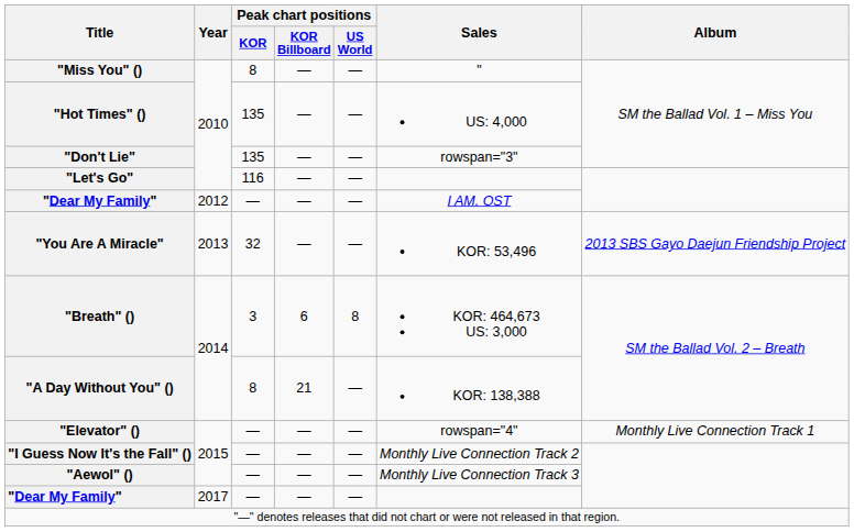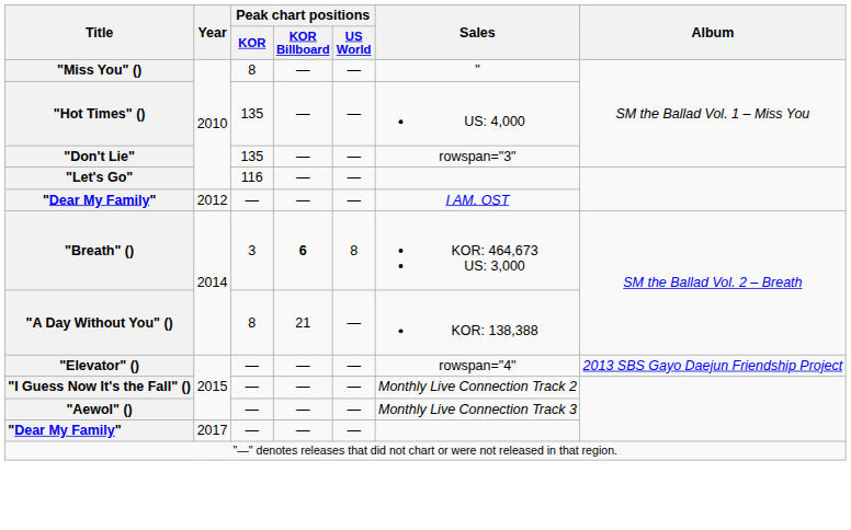 <table class="wikitable plainrowheaders" style="text-align:center;">
 <tr>
 <th scope="col" rowspan="2">Title</th>
 <th scope="col" rowspan="2">Year</th>
 <th scope="col" colspan="3">Peak chart positions</th>
 <th scope="col" rowspan="2">Sales</th>
 <th scope="col" rowspan="2">Album</th>
 </tr>
 <tr>
 <th scope="col" style="width:3em;font-size:90%;"><a href='#'>KOR</a><br></th>
 <th scope="col" style="width:3em;font-size:90%;"><a href='#'>KOR<br>Billboard</a><br></th>
 <th scope="col" style="width:3em;font-size:90%;"><a href='#'>US<br>World</a><br></th>
 </tr>
 <tr>
 <th scope="row">"Miss You" ()<br></th>
 <td rowspan="4">2010</td>
 <td>8</td>
 <td>—</td>
 <td>—</td>
 <td>" </td>
 <td rowspan="3"><em>SM the Ballad Vol. 1 – Miss You</em></td>
 </tr>
 <tr>
 <th scope="row">"Hot Times" ()<br></th>
 <td>135</td>
 <td>—</td>
 <td>—</td>
 <td><br><ul><li>US: 4,000</li></ul></td>
 </tr>
 <tr>
 <th scope="row">"Don't Lie"<br></th>
 <td>135</td>
 <td>—</td>
 <td>—</td>
 <td>rowspan="3" </td>
 </tr>
 <tr>
 <th scope="row">"Let's Go"<br></th>
 <td>116</td>
 <td>—</td>
 <td>—</td>
 <td></td>
 </tr>
 <tr>
 <th scope="row">"<a href='#'>Dear My Family</a>"<br></th>
 <td>2012</td>
 <td>—</td>
 <td>—</td>
 <td>—</td>
 <td><em><a href='#'>I AM. OST</a></em></td>
 </tr>
 <tr>
-<th scope=row>"You Are A Miracle"<br></th>
-<td>2013</td>
-<td>32</td>
-<td>—</td>
-<td>—</td>
-<td><br><ul><li>KOR: 53,496</li></ul></td>
-<td><em><a href='#'>2013 SBS Gayo Daejun Friendship Project</a></em></td>
-</tr>
-<tr>
 <th scope="row">"Breath" ()<br></th>
 <td rowspan="2">2014</td>
 <td>3</td>
-<td>6</td>
+<td><strong>6</strong></td>
 <td>8</td>
 <td><br><ul><li>KOR: 464,673</li><li>US: 3,000</li></ul></td>
 <td rowspan="2"><em><a href='#'>SM the Ballad Vol. 2 – Breath</a></em></td>
 </tr>
 <tr>
 <th scope="row">"A Day Without You" ()<br></th>
 <td>8</td>
 <td>21</td>
 <td>—</td>
 <td><br><ul><li>KOR: 138,388</li></ul></td>
 </tr>
 <tr>
 <th scope="row">"Elevator" ()</th>
 <td rowspan="3">2015</td>
 <td>—</td>
 <td>—</td>
 <td>—</td>
 <td>rowspan="4" </td>
-<td><em>Monthly Live Connection Track 1</em></td>
+<td><em><a href='#'>2013 SBS Gayo Daejun Friendship Project</a></em></td>
 </tr>
 <tr>
 <th scope="row">"I Guess Now It's the Fall" ()<br></th>
 <td>—</td>
 <td>—</td>
 <td>—</td>
 <td><em>Monthly Live Connection Track 2</em></td>
 </tr>
 <tr>
 <th scope="row">"Aewol" ()<br></th>
 <td>—</td>
 <td>—</td>
 <td>—</td>
 <td><em>Monthly Live Connection Track 3</em></td>
 </tr>
 <tr>
 <th scope="row" style="text-align: left;">"<a href='#'>Dear My Family</a>" <br></th>
 <td>2017</td>
 <td>—</td>
 <td>—</td>
 <td>—</td>
 <td></td>
 </tr>
 <tr>
 <td colspan="7" style="text-align:center; font-size:85%">"—" denotes releases that did not chart or were not released in that region.</td>
 </tr>
 </table>
